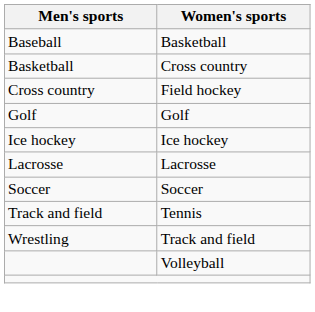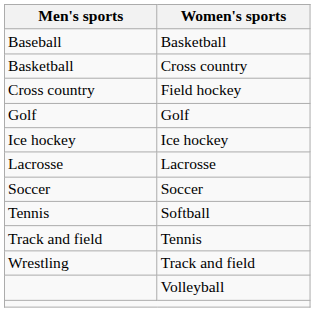 <table class="wikitable"; style= "text-align: ">
 <tr>
 <th width=150px>Men's sports</th>
 <th width=150px>Women's sports</th>
 </tr>
 <tr>
 <td>Baseball</td>
 <td>Basketball</td>
 </tr>
 <tr>
 <td>Basketball</td>
 <td>Cross country</td>
 </tr>
 <tr>
 <td>Cross country</td>
 <td>Field hockey</td>
 </tr>
 <tr>
 <td>Golf</td>
 <td>Golf</td>
 </tr>
 <tr>
 <td>Ice hockey</td>
 <td>Ice hockey</td>
 </tr>
 <tr>
 <td>Lacrosse</td>
 <td>Lacrosse</td>
 </tr>
 <tr>
 <td>Soccer</td>
 <td>Soccer</td>
 </tr>
 <tr>
+<td>Tennis</td>
+<td>Softball</td>
+</tr>
+<tr>
 <td>Track and field</td>
 <td>Tennis</td>
 </tr>
 <tr>
 <td>Wrestling</td>
 <td>Track and field</td>
 </tr>
 <tr>
 <td></td>
 <td>Volleyball</td>
 </tr>
 <tr>
 <td colspan=2></td>
 </tr>
 </table>
